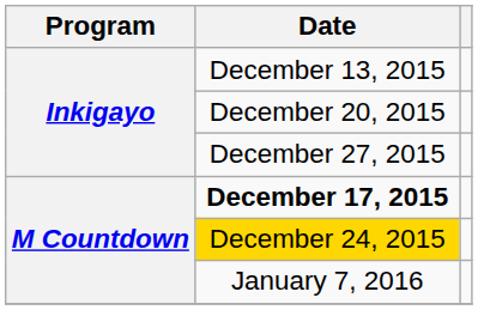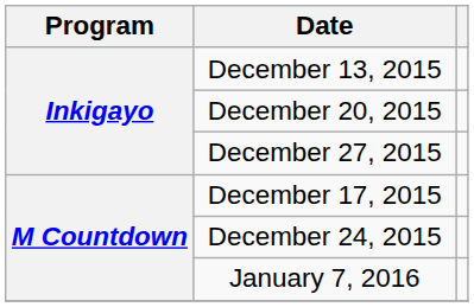 <table class="wikitable plainrowheaders" style="text-align:center">
 <tr>
 <th>Program</th>
 <th width="150">Date</th>
 <th></th>
 </tr>
 <tr>
 <th scope="row" rowspan="3"><em><a href='#'>Inkigayo</a></em></th>
 <td>December 13, 2015</td>
 <td></td>
 </tr>
 <tr>
 <td>December 20, 2015</td>
 <td></td>
 </tr>
 <tr>
 <td>December 27, 2015</td>
 <td></td>
 </tr>
 <tr>
 <th scope="row" rowspan="3"><em><a href='#'>M Countdown</a></em></th>
-<td><strong>December 17, 2015</strong></td>
+<td>December 17, 2015</td>
 <td></td>
 </tr>
 <tr>
-<td style="background: gold;">December 24, 2015</td>
+<td>December 24, 2015</td>
 <td></td>
 </tr>
 <tr>
 <td>January 7, 2016</td>
 <td></td>
 </tr>
 <tr>
 </tr>
 </table>
